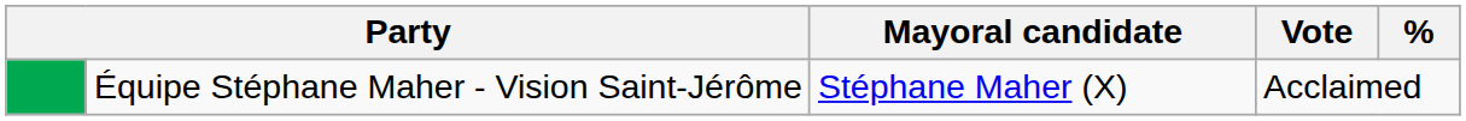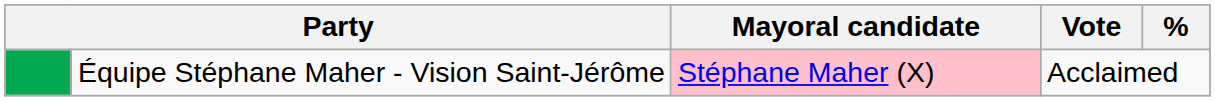 <table class="wikitable">
 <tr>
 <th bgcolor="#DDDDFF" width="230px" colspan="2">Party</th>
 <th bgcolor="#DDDDFF" width="200px">Mayoral candidate</th>
 <th bgcolor="#DDDDFF" width="50px">Vote</th>
 <th bgcolor="#DDDDFF" width="30px">%</th>
 </tr>
 <tr>
 <td bgcolor=#00A850 width="30px"> </td>
 <td>Équipe Stéphane Maher - Vision Saint-Jérôme</td>
-<td><a href='#'>Stéphane Maher</a> (X)</td>
+<td style="background: pink;"><a href='#'>Stéphane Maher</a> (X)</td>
 <td colspan="2">Acclaimed</td>
 </tr>
 </table>
